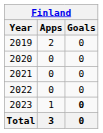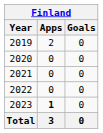 <table class=wikitable style=text-align:center>
 <tr>
 <th colspan=4><a href='#'>Finland</a></th>
 </tr>
 <tr>
 <th>Year</th>
 <th>Apps</th>
 <th>Goals</th>
 </tr>
 <tr>
 <td>2019</td>
 <td>2</td>
 <td>0</td>
 </tr>
 <tr>
 <td>2020</td>
 <td>0</td>
 <td>0</td>
 </tr>
 <tr>
 <td>2021</td>
 <td>0</td>
 <td>0</td>
 </tr>
 <tr>
 <td>2022</td>
 <td>0</td>
 <td>0</td>
 </tr>
 <tr>
 <td>2023</td>
-<td>1</td>
-<td><strong>0</strong></td>
+<td><strong>1</strong></td>
+<td>0</td>
 </tr>
 <tr>
 <th colspan=1>Total</th>
 <th>3</th>
 <th>0</th>
 </tr>
 </table>
